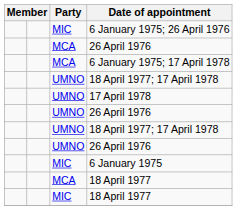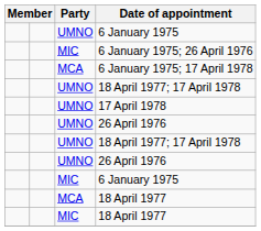 <table class="sortable wikitable">
 <tr>
 <th colspan="2" valign="top">Member</th>
 <th valign="top">Party</th>
 <th valign="top">Date of appointment</th>
 </tr>
 <tr>
 <td></td>
 <td></td>
-<td><a href='#'>MIC</a></td>
-<td>6 January 1975; 26 April 1976</td>
+<td><a href='#'>UMNO</a></td>
+<td>6 January 1975</td>
 </tr>
 <tr>
 <td></td>
 <td></td>
-<td><a href='#'>MCA</a></td>
-<td>26 April 1976</td>
+<td><a href='#'>MIC</a></td>
+<td>6 January 1975; 26 April 1976</td>
 </tr>
 <tr>
 <td></td>
 <td></td>
 <td><a href='#'>MCA</a></td>
 <td>6 January 1975; 17 April 1978</td>
 </tr>
 <tr>
 <td></td>
 <td></td>
 <td><a href='#'>UMNO</a></td>
 <td>18 April 1977; 17 April 1978</td>
 </tr>
 <tr>
 <td></td>
 <td></td>
 <td><a href='#'>UMNO</a></td>
 <td>17 April 1978</td>
 </tr>
 <tr>
 <td></td>
 <td></td>
 <td><a href='#'>UMNO</a></td>
 <td>26 April 1976</td>
 </tr>
 <tr>
 <td></td>
 <td></td>
 <td><a href='#'>UMNO</a></td>
 <td>18 April 1977; 17 April 1978</td>
 </tr>
 <tr>
 <td></td>
 <td></td>
 <td><a href='#'>UMNO</a></td>
 <td>26 April 1976</td>
 </tr>
 <tr>
 <td></td>
 <td></td>
 <td><a href='#'>MIC</a></td>
 <td>6 January 1975</td>
 </tr>
 <tr>
 <td></td>
 <td></td>
 <td><a href='#'>MCA</a></td>
 <td>18 April 1977</td>
 </tr>
 <tr>
 <td></td>
 <td></td>
 <td><a href='#'>MIC</a></td>
 <td>18 April 1977</td>
 </tr>
 <tr>
 </tr>
 </table>
